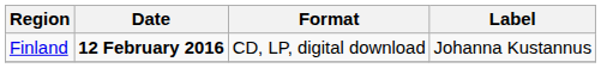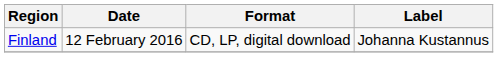 <table class=wikitable>
 <tr>
 <th>Region</th>
 <th>Date</th>
 <th>Format</th>
 <th>Label</th>
 </tr>
 <tr>
 <td><a href='#'>Finland</a></td>
-<td><strong>12 February 2016</strong></td>
+<td>12 February 2016</td>
 <td>CD, LP, digital download</td>
 <td>Johanna Kustannus</td>
 </tr>
 <tr>
 </tr>
 </table>
